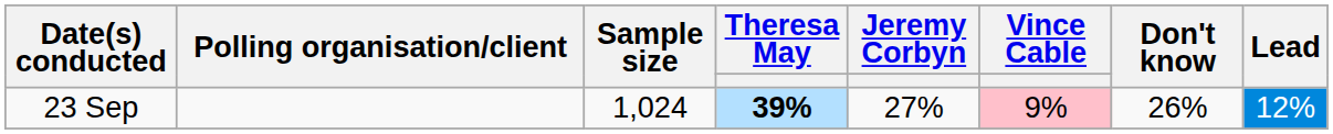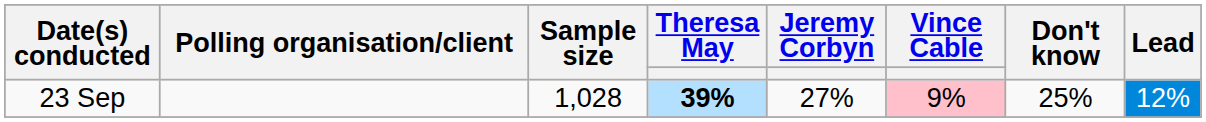 <table class="wikitable collapsible sortable" style="text-align:center;font-size:95%;line-height:14px">
 <tr>
 <th style="width:80px;" rowspan="2">Date(s)<br>conducted</th>
 <th style="width:200px;" rowspan="2">Polling organisation/client</th>
 <th style="width:60px;" rowspan="2">Sample size</th>
 <th style="width:60px;" class="unsortable"><a href='#'>Theresa May</a></th>
 <th style="width:60px;" class="unsortable"><a href='#'>Jeremy Corbyn</a></th>
 <th style="width:60px;" class="unsortable"><a href='#'>Vince Cable</a></th>
 <th style="width:60px;" rowspan="2" class="unsortable">Don't know</th>
 <th class="unsortable" style="width:20px;" rowspan="2">Lead</th>
 </tr>
 <tr>
 <th class="unsortable" style="color:inherit;background:"></th>
 <th class="unsortable" style="color:inherit;background:"></th>
 <th class="unsortable" style="color:inherit;background:"></th>
 </tr>
 <tr>
 <td>23 Sep</td>
 <td></td>
-<td>1,024</td>
+<td>1,028</td>
 <td style="background:#B3E0FF"><strong>39%</strong></td>
 <td>27%</td>
 <td style="background: pink;">9%</td>
-<td>26%</td>
+<td>25%</td>
 <td style="background:#0087DC; color:white;">12%</td>
 </tr>
 </table>
